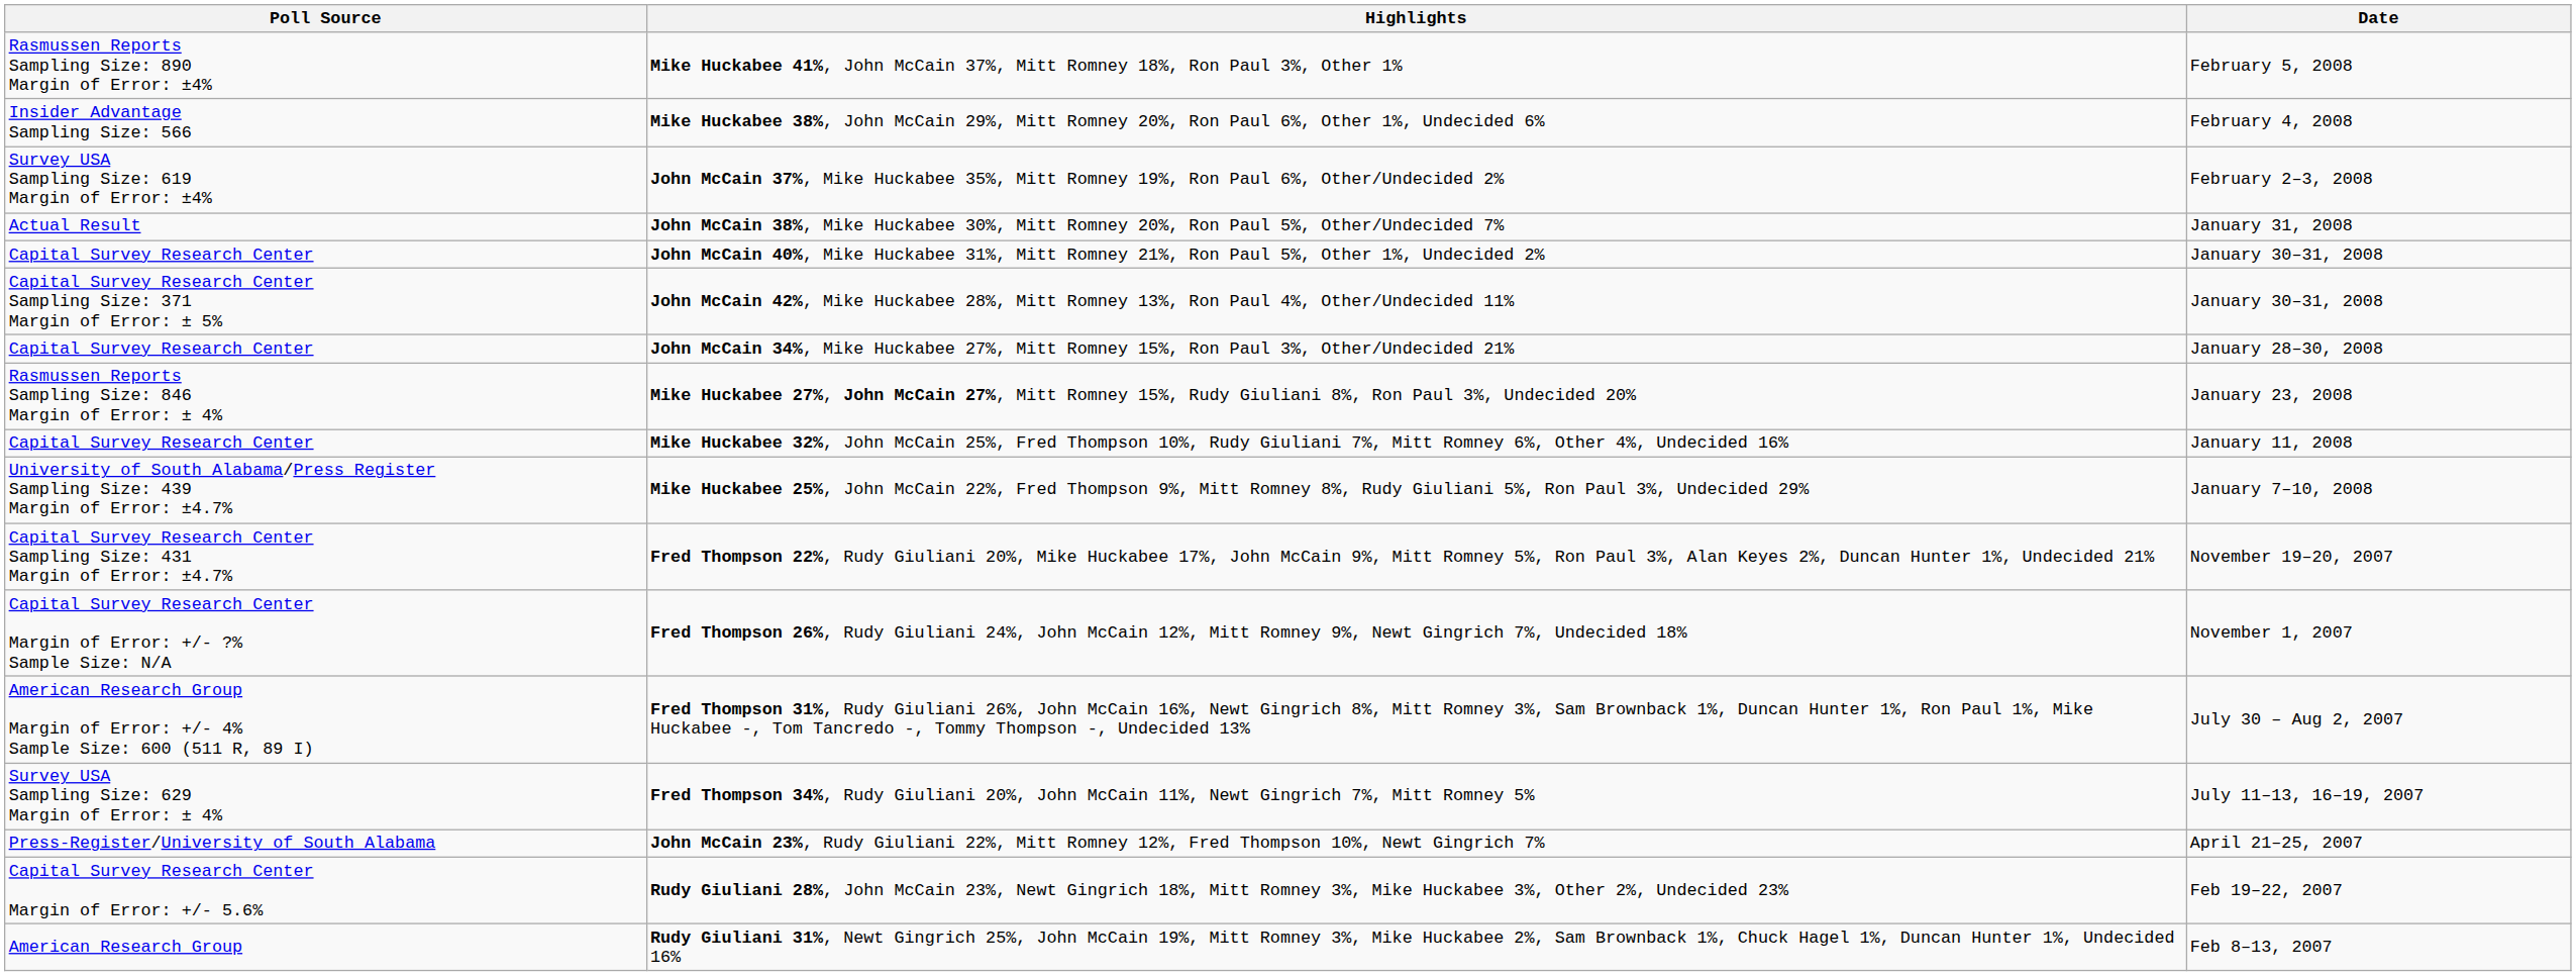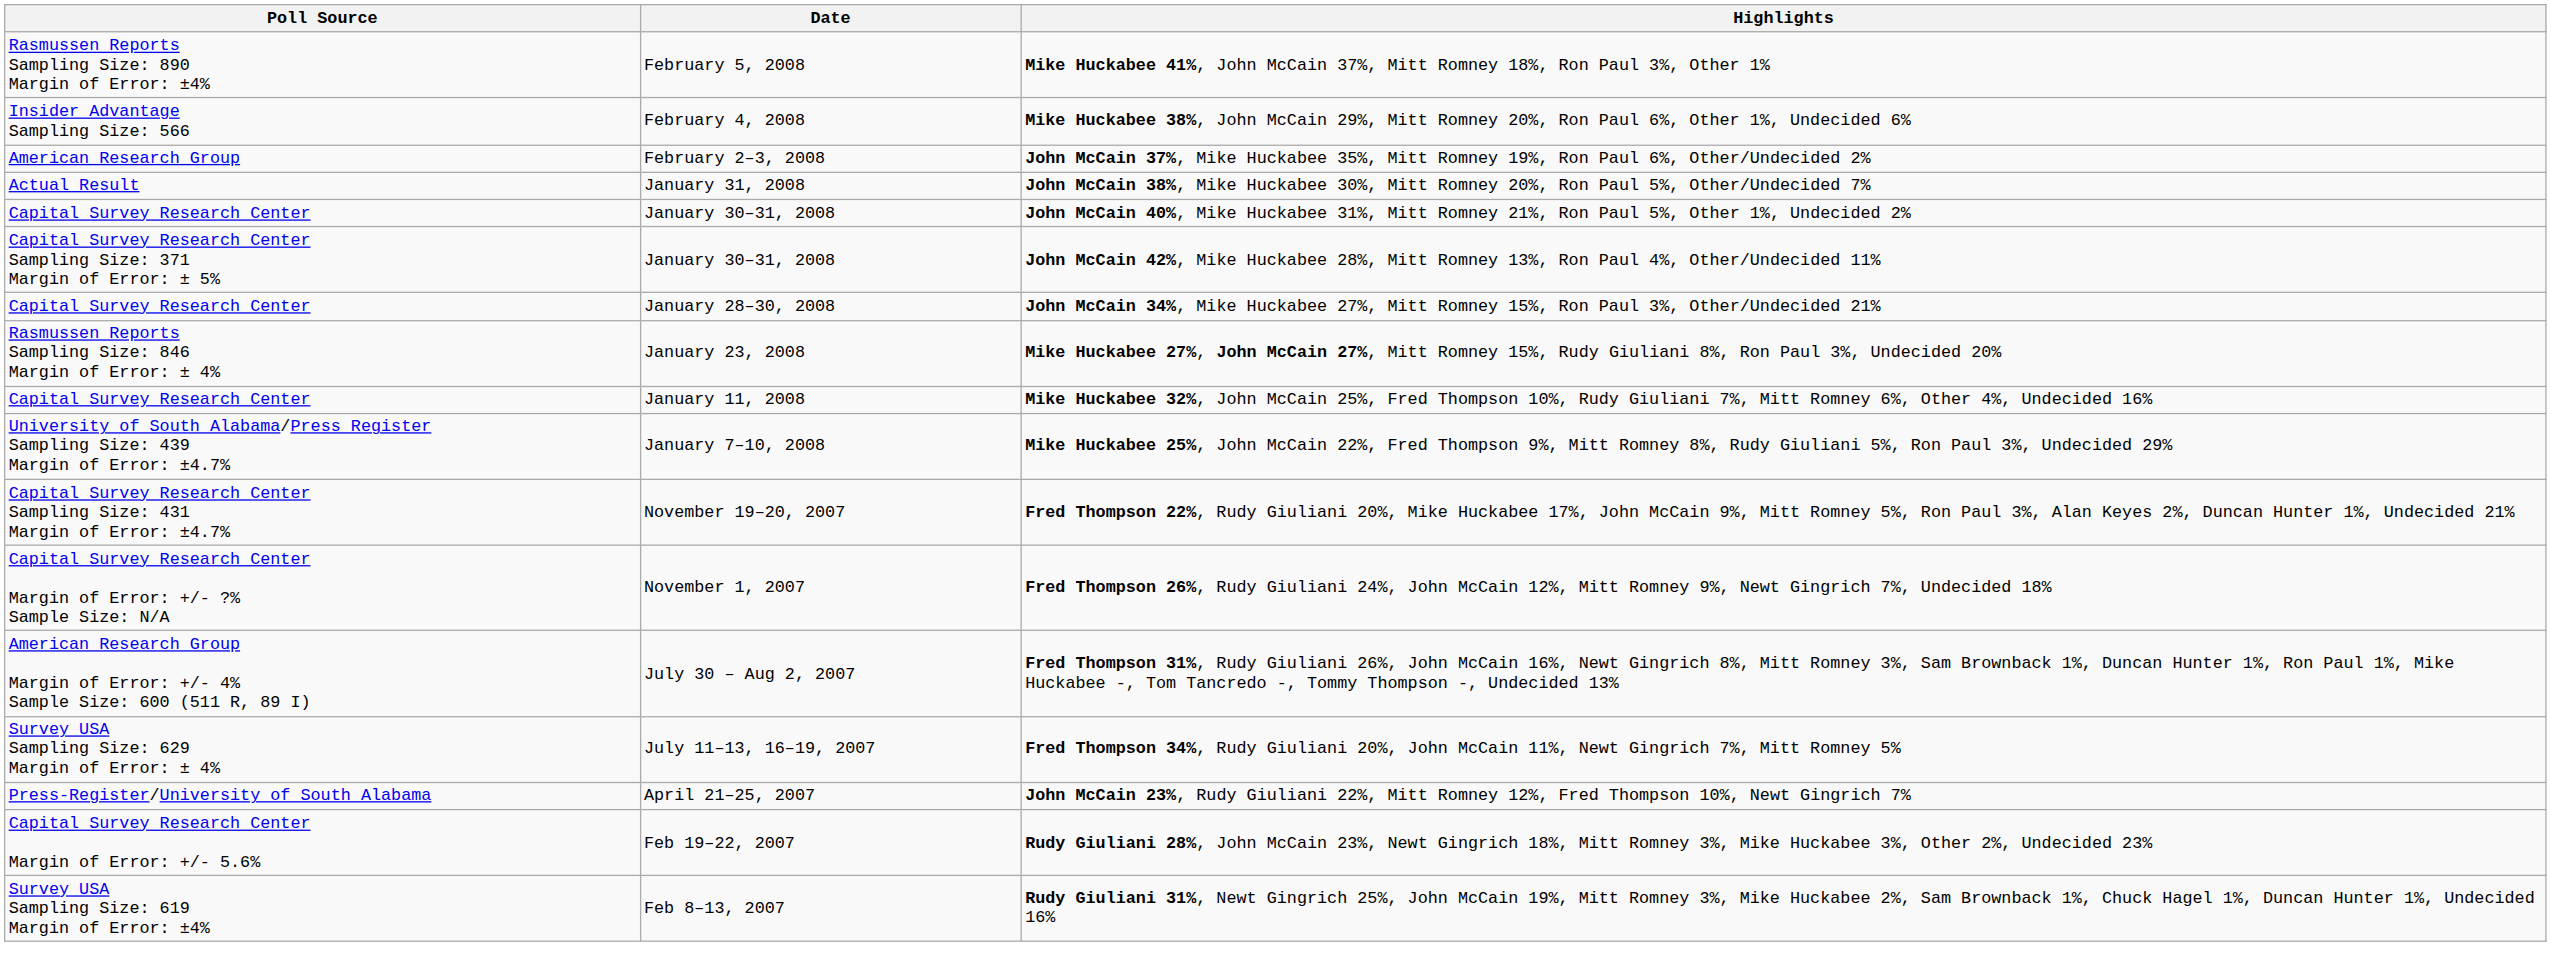 <table class="wikitable sortable">
 <tr>
 <th width="25%">Poll Source</th>
+<th width="15%">Date</th>
 <th width="60%">Highlights</th>
-<th width="15%">Date</th>
 </tr>
 <tr>
 <td><a href='#'>Rasmussen Reports</a><br>Sampling Size: 890<br>Margin of Error: ±4%</td>
+<td>February 5, 2008</td>
 <td><strong>Mike Huckabee 41%</strong>, John McCain 37%, Mitt Romney 18%, Ron Paul 3%, Other 1%</td>
-<td>February 5, 2008</td>
 </tr>
 <tr>
 <td><a href='#'>Insider Advantage</a><br>Sampling Size: 566</td>
+<td>February 4, 2008</td>
 <td><strong>Mike Huckabee 38%</strong>, John McCain 29%, Mitt Romney 20%, Ron Paul 6%, Other 1%, Undecided 6%</td>
-<td>February 4, 2008</td>
+</tr>
+<tr>
+<td><a href='#'>American Research Group</a></td>
+<td>February 2–3, 2008</td>
+<td><strong>John McCain 37%</strong>, Mike Huckabee 35%, Mitt Romney 19%, Ron Paul 6%, Other/Undecided 2%</td>
+</tr>
+<tr>
+<td><a href='#'>Actual Result</a></td>
+<td>January 31, 2008</td>
+<td><strong>John McCain 38%</strong>, Mike Huckabee 30%, Mitt Romney 20%, Ron Paul 5%, Other/Undecided 7%</td>
+</tr>
+<tr>
+<td><a href='#'>Capital Survey Research Center</a></td>
+<td>January 30–31, 2008</td>
+<td><strong>John McCain 40%</strong>, Mike Huckabee 31%, Mitt Romney 21%, Ron Paul 5%, Other 1%, Undecided 2%</td>
+</tr>
+<tr>
+<td><a href='#'>Capital Survey Research Center</a><br>Sampling Size: 371<br>Margin of Error: ± 5%</td>
+<td>January 30–31, 2008</td>
+<td><strong>John McCain 42%</strong>, Mike Huckabee 28%, Mitt Romney 13%, Ron Paul 4%, Other/Undecided 11%</td>
+</tr>
+<tr>
+<td><a href='#'>Capital Survey Research Center</a></td>
+<td>January 28–30, 2008</td>
+<td><strong>John McCain 34%</strong>, Mike Huckabee 27%, Mitt Romney 15%, Ron Paul 3%, Other/Undecided 21%</td>
+</tr>
+<tr>
+<td><a href='#'>Rasmussen Reports</a><br>Sampling Size: 846<br>Margin of Error: ± 4%</td>
+<td>January 23, 2008</td>
+<td><strong>Mike Huckabee 27%</strong>, <strong>John McCain 27%</strong>, Mitt Romney 15%, Rudy Giuliani 8%, Ron Paul 3%, Undecided 20%</td>
+</tr>
+<tr>
+<td><a href='#'>Capital Survey Research Center</a></td>
+<td>January 11, 2008</td>
+<td><strong>Mike Huckabee 32%</strong>, John McCain 25%, Fred Thompson 10%, Rudy Giuliani 7%, Mitt Romney 6%, Other 4%, Undecided 16%</td>
+</tr>
+<tr>
+<td><a href='#'>University of South Alabama</a>/<a href='#'>Press Register</a><br>Sampling Size: 439<br>Margin of Error: ±4.7%</td>
+<td>January 7–10, 2008</td>
+<td><strong>Mike Huckabee 25%</strong>, John McCain 22%, Fred Thompson 9%, Mitt Romney 8%, Rudy Giuliani 5%, Ron Paul 3%, Undecided 29%</td>
+</tr>
+<tr>
+<td><a href='#'>Capital Survey Research Center</a><br>Sampling Size: 431<br>Margin of Error: ±4.7%</td>
+<td>November 19–20, 2007</td>
+<td><strong>Fred Thompson 22%</strong>, Rudy Giuliani 20%, Mike Huckabee 17%, John McCain 9%, Mitt Romney 5%, Ron Paul 3%, Alan Keyes 2%, Duncan Hunter 1%, Undecided 21%</td>
+</tr>
+<tr>
+<td><a href='#'>Capital Survey Research Center</a><br><br>Margin of Error: +/- ?%<br>Sample Size: N/A</td>
+<td>November 1, 2007</td>
+<td><strong>Fred Thompson 26%</strong>, Rudy Giuliani 24%, John McCain 12%, Mitt Romney 9%, Newt Gingrich 7%, Undecided 18%</td>
+</tr>
+<tr>
+<td><a href='#'>American Research Group</a><br><br>Margin of Error: +/- 4%<br>Sample Size: 600 (511 R, 89 I)</td>
+<td>July 30 – Aug 2, 2007</td>
+<td><strong>Fred Thompson 31%</strong>, Rudy Giuliani 26%, John McCain 16%, Newt Gingrich 8%, Mitt Romney 3%, Sam Brownback 1%, Duncan Hunter 1%, Ron Paul 1%, Mike Huckabee -, Tom Tancredo -, Tommy Thompson -, Undecided 13%</td>
+</tr>
+<tr>
+<td><a href='#'>Survey USA</a><br>Sampling Size: 629<br>Margin of Error: ± 4%</td>
+<td>July 11–13, 16–19, 2007</td>
+<td><strong>Fred Thompson 34%</strong>, Rudy Giuliani 20%, John McCain 11%, Newt Gingrich 7%, Mitt Romney 5%</td>
+</tr>
+<tr>
+<td><a href='#'>Press-Register</a>/<a href='#'>University of South Alabama</a></td>
+<td>April 21–25, 2007</td>
+<td><strong>John McCain 23%</strong>, Rudy Giuliani 22%, Mitt Romney 12%, Fred Thompson 10%, Newt Gingrich 7%</td>
+</tr>
+<tr>
+<td><a href='#'>Capital Survey Research Center</a><br><br>Margin of Error: +/- 5.6%</td>
+<td>Feb 19–22, 2007</td>
+<td><strong>Rudy Giuliani 28%</strong>, John McCain 23%, Newt Gingrich 18%, Mitt Romney 3%, Mike Huckabee 3%, Other 2%, Undecided 23%</td>
 </tr>
 <tr>
 <td><a href='#'>Survey USA</a><br>Sampling Size: 619<br>Margin of Error: ±4%</td>
-<td><strong>John McCain 37%</strong>, Mike Huckabee 35%, Mitt Romney 19%, Ron Paul 6%, Other/Undecided 2%</td>
-<td>February 2–3, 2008</td>
-</tr>
-<tr>
-<td><a href='#'>Actual Result</a></td>
-<td><strong>John McCain 38%</strong>, Mike Huckabee 30%, Mitt Romney 20%, Ron Paul 5%, Other/Undecided 7%</td>
-<td>January 31, 2008</td>
-</tr>
-<tr>
-<td><a href='#'>Capital Survey Research Center</a></td>
-<td><strong>John McCain 40%</strong>, Mike Huckabee 31%, Mitt Romney 21%, Ron Paul 5%, Other 1%, Undecided 2%</td>
-<td>January 30–31, 2008</td>
-</tr>
-<tr>
-<td><a href='#'>Capital Survey Research Center</a><br>Sampling Size: 371<br>Margin of Error: ± 5%</td>
-<td><strong>John McCain 42%</strong>, Mike Huckabee 28%, Mitt Romney 13%, Ron Paul 4%, Other/Undecided 11%</td>
-<td>January 30–31, 2008</td>
-</tr>
-<tr>
-<td><a href='#'>Capital Survey Research Center</a></td>
-<td><strong>John McCain 34%</strong>, Mike Huckabee 27%, Mitt Romney 15%, Ron Paul 3%, Other/Undecided 21%</td>
-<td>January 28–30, 2008</td>
-</tr>
-<tr>
-<td><a href='#'>Rasmussen Reports</a><br>Sampling Size: 846<br>Margin of Error: ± 4%</td>
-<td><strong>Mike Huckabee 27%</strong>, <strong>John McCain 27%</strong>, Mitt Romney 15%, Rudy Giuliani 8%, Ron Paul 3%, Undecided 20%</td>
-<td>January 23, 2008</td>
-</tr>
-<tr>
-<td><a href='#'>Capital Survey Research Center</a></td>
-<td><strong>Mike Huckabee 32%</strong>, John McCain 25%, Fred Thompson 10%, Rudy Giuliani 7%, Mitt Romney 6%, Other 4%, Undecided 16%</td>
-<td>January 11, 2008</td>
-</tr>
-<tr>
-<td><a href='#'>University of South Alabama</a>/<a href='#'>Press Register</a><br>Sampling Size: 439<br>Margin of Error: ±4.7%</td>
-<td><strong>Mike Huckabee 25%</strong>, John McCain 22%, Fred Thompson 9%, Mitt Romney 8%, Rudy Giuliani 5%, Ron Paul 3%, Undecided 29%</td>
-<td>January 7–10, 2008</td>
-</tr>
-<tr>
-<td><a href='#'>Capital Survey Research Center</a><br>Sampling Size: 431<br>Margin of Error: ±4.7%</td>
-<td><strong>Fred Thompson 22%</strong>, Rudy Giuliani 20%, Mike Huckabee 17%, John McCain 9%, Mitt Romney 5%, Ron Paul 3%, Alan Keyes 2%, Duncan Hunter 1%, Undecided 21%</td>
-<td>November 19–20, 2007</td>
-</tr>
-<tr>
-<td><a href='#'>Capital Survey Research Center</a><br><br>Margin of Error: +/- ?%<br>Sample Size: N/A</td>
-<td><strong>Fred Thompson 26%</strong>, Rudy Giuliani 24%, John McCain 12%, Mitt Romney 9%, Newt Gingrich 7%, Undecided 18%</td>
-<td>November 1, 2007</td>
-</tr>
-<tr>
-<td><a href='#'>American Research Group</a><br><br>Margin of Error: +/- 4%<br>Sample Size: 600 (511 R, 89 I)</td>
-<td><strong>Fred Thompson 31%</strong>, Rudy Giuliani 26%, John McCain 16%, Newt Gingrich 8%, Mitt Romney 3%, Sam Brownback 1%, Duncan Hunter 1%, Ron Paul 1%, Mike Huckabee -, Tom Tancredo -, Tommy Thompson -, Undecided 13%</td>
-<td>July 30 – Aug 2, 2007</td>
-</tr>
-<tr>
-<td><a href='#'>Survey USA</a><br>Sampling Size: 629<br>Margin of Error: ± 4%</td>
-<td><strong>Fred Thompson 34%</strong>, Rudy Giuliani 20%, John McCain 11%, Newt Gingrich 7%, Mitt Romney 5%</td>
-<td>July 11–13, 16–19, 2007</td>
-</tr>
-<tr>
-<td><a href='#'>Press-Register</a>/<a href='#'>University of South Alabama</a></td>
-<td><strong>John McCain 23%</strong>, Rudy Giuliani 22%, Mitt Romney 12%, Fred Thompson 10%, Newt Gingrich 7%</td>
-<td>April 21–25, 2007</td>
-</tr>
-<tr>
-<td><a href='#'>Capital Survey Research Center</a><br><br>Margin of Error: +/- 5.6%</td>
-<td><strong>Rudy Giuliani 28%</strong>, John McCain 23%, Newt Gingrich 18%, Mitt Romney 3%, Mike Huckabee 3%, Other 2%, Undecided 23%</td>
-<td>Feb 19–22, 2007</td>
-</tr>
-<tr>
-<td><a href='#'>American Research Group</a></td>
+<td>Feb 8–13, 2007</td>
 <td><strong>Rudy Giuliani 31%</strong>, Newt Gingrich 25%, John McCain 19%, Mitt Romney 3%, Mike Huckabee 2%, Sam Brownback 1%, Chuck Hagel 1%, Duncan Hunter 1%, Undecided 16%</td>
-<td>Feb 8–13, 2007</td>
 </tr>
 </table>
